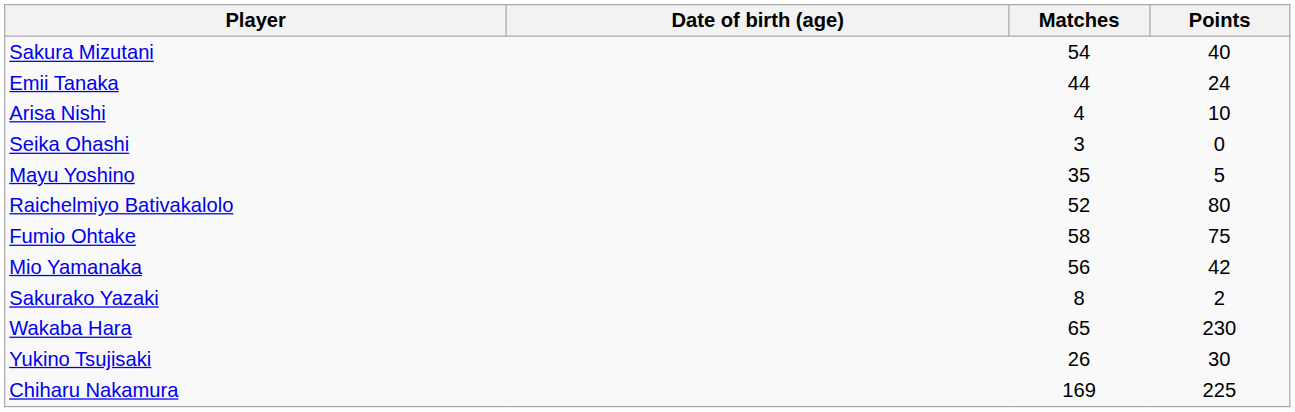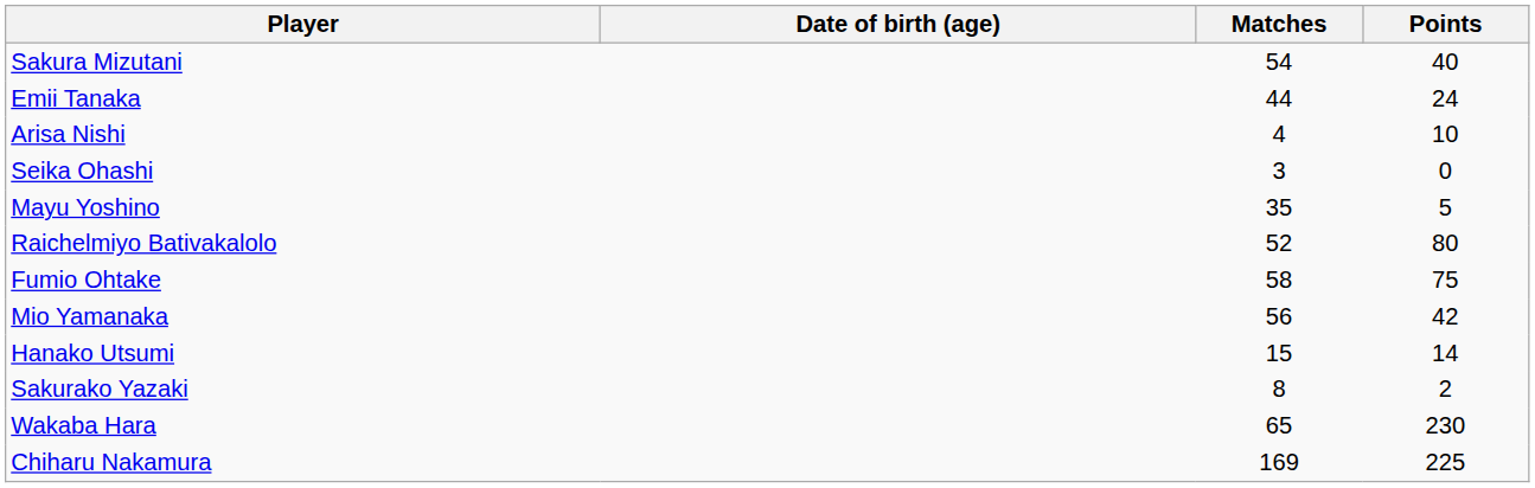 <table class="sortable wikitable plainrowheaders" style="font-size:">
 <tr>
 <th scope="col" style="width:25%">Player</th>
 <th scope="col" style="width:25%">Date of birth (age)</th>
 <th scope="col" style="width:7%">Matches</th>
 <th scope="col" style="width:7%">Points</th>
 </tr>
 <tr>
 <td style="text-align:left; border:0"><a href='#'>Sakura Mizutani</a></td>
 <td style="text-align:left; border:0"></td>
 <td style="text-align:center; border:0">54</td>
 <td style="text-align:center; border:0">40</td>
 </tr>
 <tr>
 <td style="text-align:left; border:0"><a href='#'>Emii Tanaka</a></td>
 <td style="text-align:left; border:0"></td>
 <td style="text-align:center; border:0">44</td>
 <td style="text-align:center; border:0">24</td>
 </tr>
 <tr>
 <td style="text-align:left; border:0"><a href='#'>Arisa Nishi</a></td>
 <td style="text-align:left; border:0"></td>
 <td style="text-align:center; border:0">4</td>
 <td style="text-align:center; border:0">10</td>
 </tr>
 <tr>
 <td style="text-align:left; border:0"><a href='#'>Seika Ohashi</a></td>
 <td style="text-align:left; border:0"></td>
 <td style="text-align:center; border:0">3</td>
 <td style="text-align:center; border:0">0</td>
 </tr>
 <tr>
 <td style="text-align:left; border:0"><a href='#'>Mayu Yoshino</a></td>
 <td style="text-align:left; border:0"></td>
 <td style="text-align:center; border:0">35</td>
 <td style="text-align:center; border:0">5</td>
 </tr>
 <tr>
 <td style="text-align:left; border:0"><a href='#'>Raichelmiyo Bativakalolo</a></td>
 <td style="text-align:left; border:0"></td>
 <td style="text-align:center; border:0">52</td>
 <td style="text-align:center; border:0">80</td>
 </tr>
 <tr>
 <td style="text-align:left; border:0"><a href='#'>Fumio Ohtake</a></td>
 <td style="text-align:left; border:0"></td>
 <td style="text-align:center; border:0">58</td>
 <td style="text-align:center; border:0">75</td>
 </tr>
 <tr>
 <td style="text-align:left; border:0"><a href='#'>Mio Yamanaka</a></td>
 <td style="text-align:left; border:0"></td>
 <td style="text-align:center; border:0">56</td>
 <td style="text-align:center; border:0">42</td>
 </tr>
 <tr>
+<td style="text-align:left; border:0"><a href='#'>Hanako Utsumi</a></td>
+<td style="text-align:left; border:0"></td>
+<td style="text-align:center; border:0">15</td>
+<td style="text-align:center; border:0">14</td>
+</tr>
+<tr>
 <td style="text-align:left; border:0"><a href='#'>Sakurako Yazaki</a></td>
 <td style="text-align:left; border:0"></td>
 <td style="text-align:center; border:0">8</td>
 <td style="text-align:center; border:0">2</td>
 </tr>
 <tr>
 <td style="text-align:left; border:0"><a href='#'>Wakaba Hara</a></td>
 <td style="text-align:left; border:0"></td>
 <td style="text-align:center; border:0">65</td>
 <td style="text-align:center; border:0">230</td>
 </tr>
 <tr>
-<td style="text-align:left; border:0"><a href='#'>Yukino Tsujisaki</a></td>
-<td style="text-align:left; border:0"></td>
-<td style="text-align:center; border:0">26</td>
-<td style="text-align:center; border:0">30</td>
-</tr>
-<tr>
 <td style="text-align:left; border:0"><a href='#'>Chiharu Nakamura</a></td>
 <td style="text-align:left; border:0"></td>
 <td style="text-align:center; border:0">169</td>
 <td style="text-align:center; border:0">225</td>
 </tr>
 </table>
